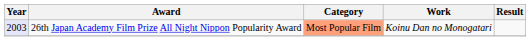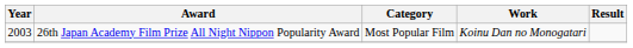 <table class="wikitable">
 <tr>
 <th>Year</th>
 <th>Award</th>
 <th>Category</th>
 <th>Work</th>
 <th>Result</th>
 </tr>
 <tr>
-<td style="background: lavender;">2003</td>
+<td>2003</td>
 <td>26th <a href='#'>Japan Academy Film Prize</a> <a href='#'>All Night Nippon</a> Popularity Award</td>
-<td style="background: lightsalmon;">Most Popular Film</td>
+<td>Most Popular Film</td>
 <td><em>Koinu Dan no Monogatari</em></td>
 <td></td>
 </tr>
 <tr>
 </tr>
 </table>
